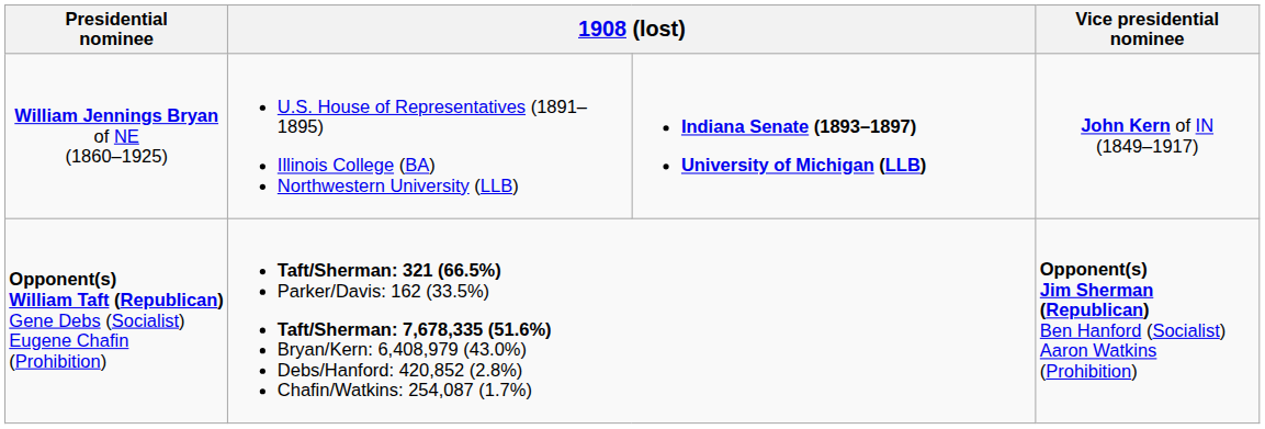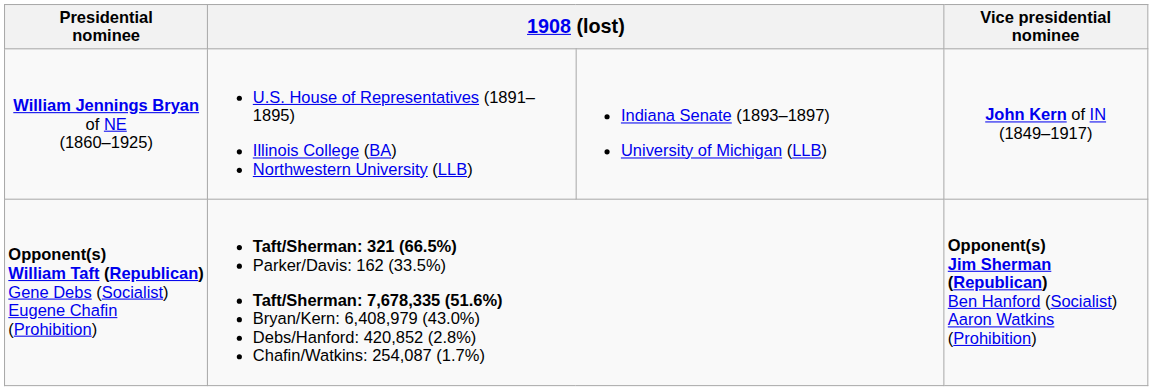 <table class="wikitable">
 <tr>
 <th width=190>Presidential<br>nominee</th>
 <th colspan=2><big><a href='#'>1908</a> (lost)</big></th>
 <th width=190>Vice presidential<br>nominee</th>
 </tr>
 <tr>
 <td style="text-align:center;"><strong><a href='#'>William Jennings Bryan</a></strong> of <a href='#'>NE</a><br>(1860–1925)<br></td>
 <td width=350><br><ul><li><a href='#'>U.S. House of Representatives</a> (1891–1895)</li></ul><ul><li><a href='#'>Illinois College</a> (<a href='#'>BA</a>)</li><li><a href='#'>Northwestern University</a> (<a href='#'>LLB</a>)</li></ul></td>
-<td width=350><strong><br><ul><li><a href='#'>Indiana Senate</a> (1893–1897)</li></ul><ul><li><a href='#'>University of Michigan</a> (<a href='#'>LLB</a>)</li></ul></strong></td>
+<td width=350><br><ul><li><a href='#'>Indiana Senate</a> (1893–1897)</li></ul><ul><li><a href='#'>University of Michigan</a> (<a href='#'>LLB</a>)</li></ul></td>
 <td style="text-align:center;"><strong><a href='#'>John Kern</a></strong> of <a href='#'>IN</a><br>(1849–1917)<br></td>
 </tr>
 <tr>
 <td><strong>Opponent(s)</strong><br><strong><a href='#'>William Taft</a> (<a href='#'>Republican</a>)</strong><br><a href='#'>Gene Debs</a> (<a href='#'>Socialist</a>)<br><a href='#'>Eugene Chafin</a> (<a href='#'>Prohibition</a>)</td>
 <td colspan=2><br><ul><li><strong>Taft/Sherman: 321 (66.5%)</strong></li><li>Parker/Davis: 162 (33.5%)</li></ul><ul><li><strong>Taft/Sherman: 7,678,335 (51.6%)</strong></li><li>Bryan/Kern: 6,408,979 (43.0%)</li><li>Debs/Hanford: 420,852 (2.8%)</li><li>Chafin/Watkins: 254,087 (1.7%)</li></ul></td>
 <td><strong>Opponent(s)</strong><br><strong><a href='#'>Jim Sherman</a> (<a href='#'>Republican</a>)</strong><br><a href='#'>Ben Hanford</a> (<a href='#'>Socialist</a>)<br><a href='#'>Aaron Watkins</a> (<a href='#'>Prohibition</a>)</td>
 </tr>
 </table>
